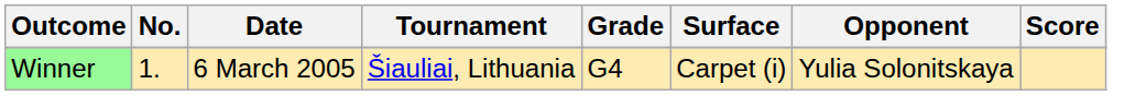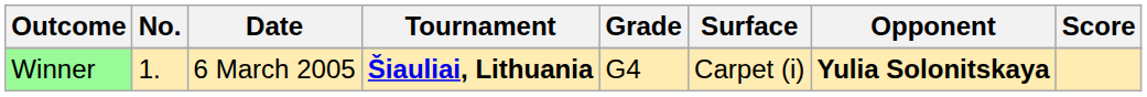 <table class="sortable wikitable" style=font-size:97%>
 <tr>
 <th>Outcome</th>
 <th>No.</th>
 <th>Date</th>
 <th>Tournament</th>
 <th>Grade</th>
 <th>Surface</th>
 <th>Opponent</th>
 <th>Score</th>
 </tr>
 <tr>
 </tr>
 <tr bgcolor=#ffecb2>
 <td bgcolor="98FB98">Winner</td>
 <td>1.</td>
 <td>6 March 2005</td>
-<td><a href='#'>Šiauliai</a>, Lithuania</td>
+<td><strong><a href='#'>Šiauliai</a>, Lithuania</strong></td>
 <td>G4</td>
 <td>Carpet (i)</td>
-<td> Yulia Solonitskaya</td>
+<td><strong> Yulia Solonitskaya</strong></td>
 <td></td>
 </tr>
 </table>
